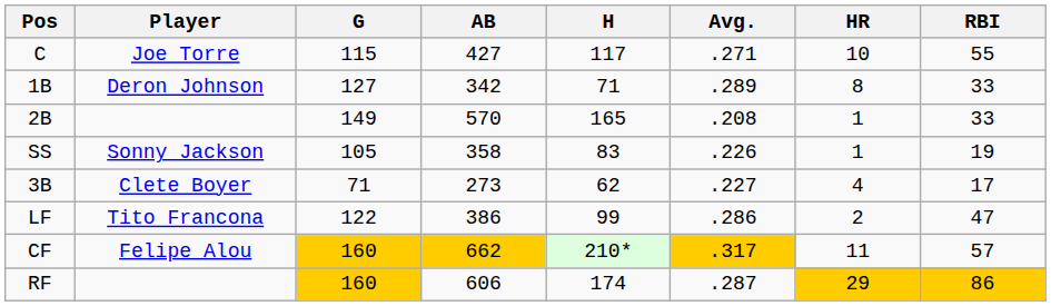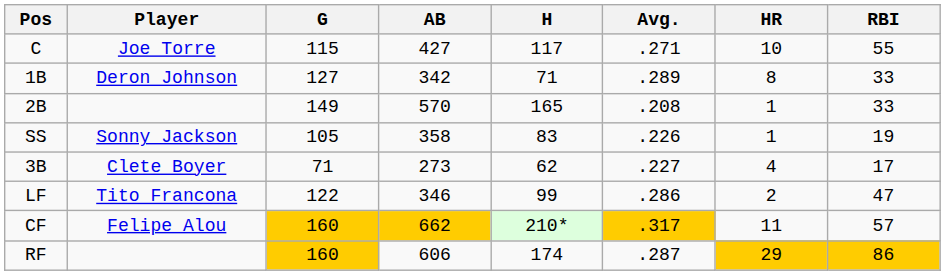 <table class="wikitable sortable">
 <tr>
 <th bgcolor="#DDDDFF" width="5%">Pos</th>
 <th bgcolor="#DDDDFF" width="16%">Player</th>
 <th bgcolor="#DDDDFF" width="9%">G</th>
 <th bgcolor="#DDDDFF" width="9%">AB</th>
 <th bgcolor="#DDDDFF" width="9%">H</th>
 <th bgcolor="#DDDDFF" width="9%">Avg.</th>
 <th bgcolor="#DDDDFF" width="9%">HR</th>
 <th bgcolor="#DDDDFF" width="9%">RBI</th>
 </tr>
 <tr align="center">
 <td>C</td>
 <td><a href='#'>Joe Torre</a></td>
 <td>115</td>
 <td>427</td>
 <td>117</td>
 <td>.271</td>
 <td>10</td>
 <td>55</td>
 </tr>
 <tr align=center>
 <td>1B</td>
 <td><a href='#'>Deron Johnson</a></td>
 <td>127</td>
 <td>342</td>
 <td>71</td>
 <td>.289</td>
 <td>8</td>
 <td>33</td>
 </tr>
 <tr align=center>
 <td>2B</td>
 <td></td>
 <td>149</td>
 <td>570</td>
 <td>165</td>
 <td>.208</td>
 <td>1</td>
 <td>33</td>
 </tr>
 <tr align="center">
 <td>SS</td>
 <td><a href='#'>Sonny Jackson</a></td>
 <td>105</td>
 <td>358</td>
 <td>83</td>
 <td>.226</td>
 <td>1</td>
 <td>19</td>
 </tr>
 <tr align=center>
 <td>3B</td>
 <td><a href='#'>Clete Boyer</a></td>
 <td>71</td>
 <td>273</td>
 <td>62</td>
 <td>.227</td>
 <td>4</td>
 <td>17</td>
 </tr>
 <tr align=center>
 <td>LF</td>
 <td><a href='#'>Tito Francona</a></td>
 <td>122</td>
-<td>386</td>
+<td>346</td>
 <td>99</td>
 <td>.286</td>
 <td>2</td>
 <td>47</td>
 </tr>
 <tr align=center>
 <td>CF</td>
 <td><a href='#'>Felipe Alou</a></td>
 <td style="background:#fc0;">160</td>
 <td style="background:#fc0;">662</td>
 <td style="background:#DDFFDD;">210*</td>
 <td style="background:#fc0;">.317</td>
 <td>11</td>
 <td>57</td>
 </tr>
 <tr align=center>
 <td>RF</td>
 <td></td>
 <td style="background:#fc0;">160</td>
 <td>606</td>
 <td>174</td>
 <td>.287</td>
 <td style="background:#fc0;">29</td>
 <td style="background:#fc0;">86</td>
 </tr>
 </table>
